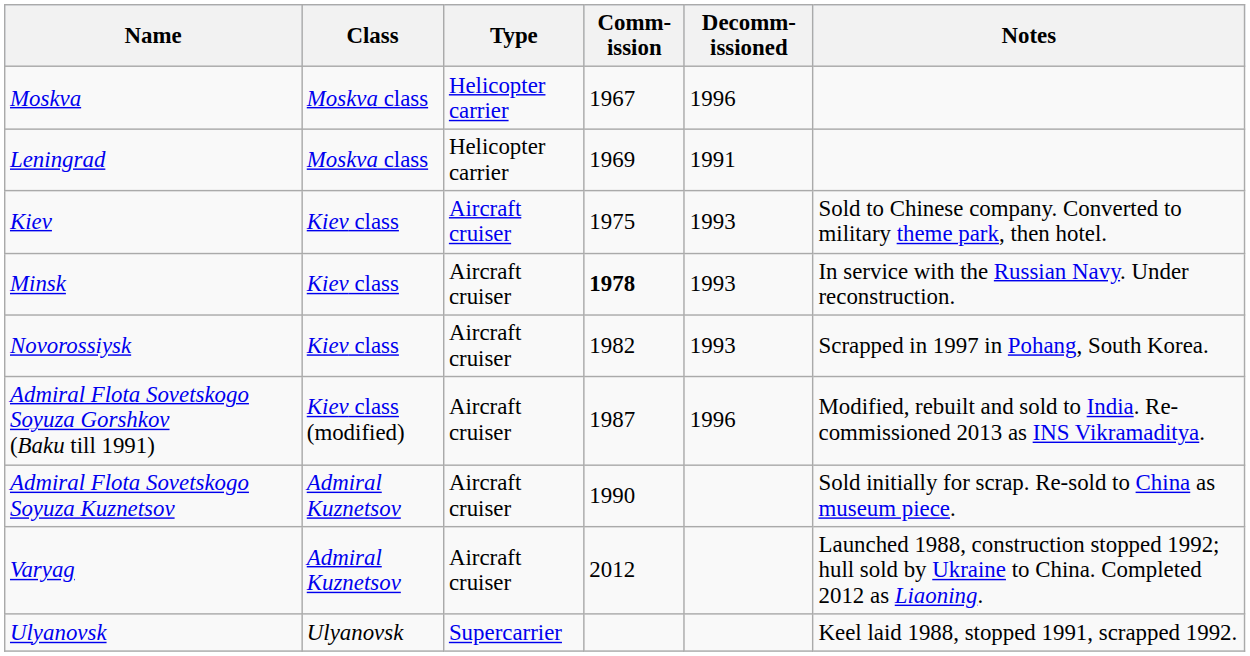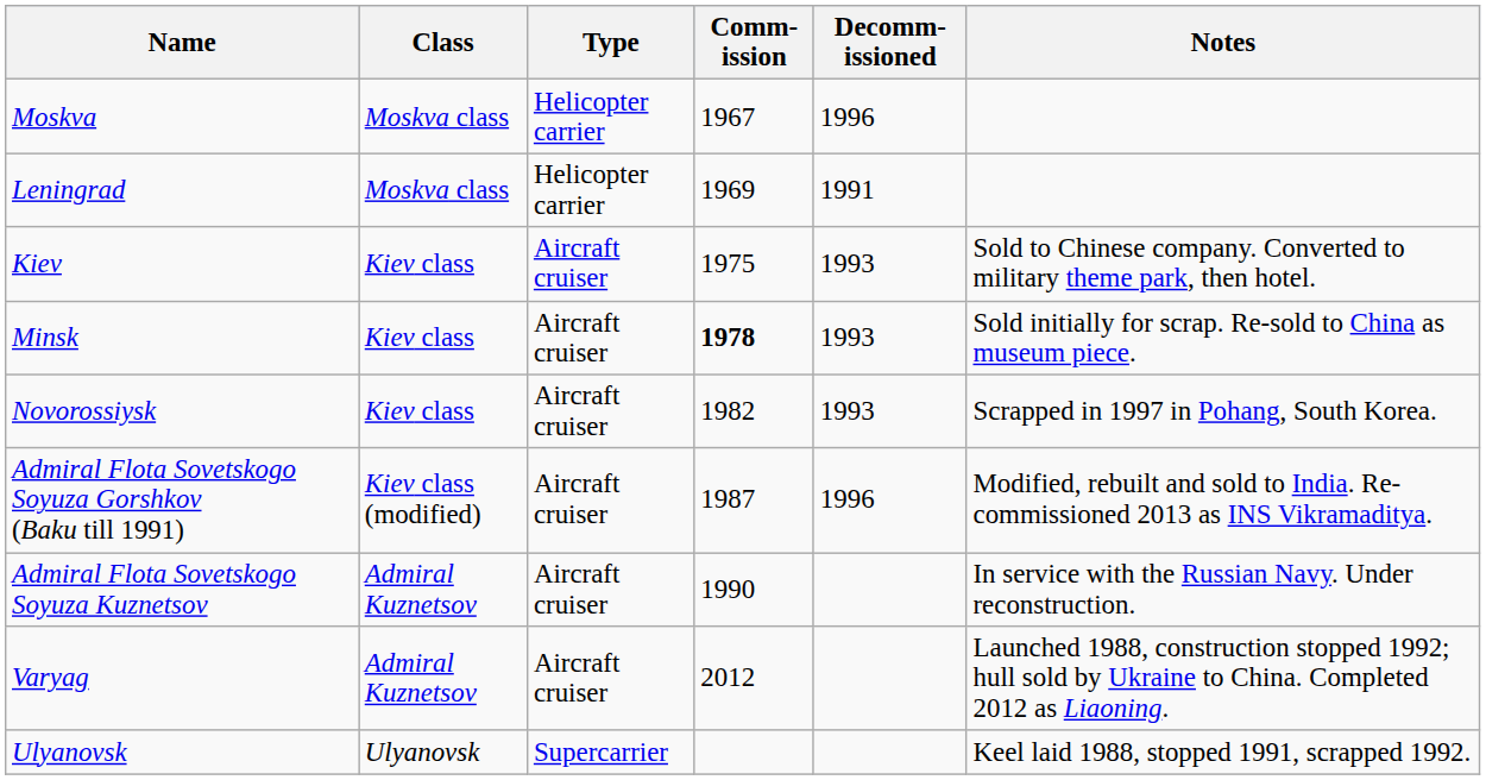 <table class="wikitable sortable">
 <tr style="background:#def">
 <th>Name</th>
 <th>Class</th>
 <th>Type</th>
 <th>Comm­ission</th>
 <th>Decomm­issioned</th>
 <th class="unsortable">Notes</th>
 </tr>
 <tr>
 <td><em><a href='#'>Moskva</a></em></td>
 <td class=nowrap><a href='#'><em>Moskva</em> class</a></td>
 <td class=nowrap><a href='#'>Helicopter carrier</a></td>
 <td>1967</td>
 <td>1996</td>
 </tr>
 <tr>
 <td><em><a href='#'>Leningrad</a></em></td>
 <td><a href='#'><em>Moskva</em> class</a></td>
 <td>Helicopter carrier</td>
 <td>1969</td>
 <td>1991</td>
 <td></td>
 </tr>
 <tr>
 <td><em><a href='#'>Kiev</a></em></td>
 <td><a href='#'><em>Kiev</em> class</a></td>
 <td><a href='#'>Aircraft cruiser</a></td>
 <td>1975</td>
 <td>1993</td>
 <td>Sold to Chinese company. Converted to military <a href='#'>theme park</a>, then hotel.</td>
 </tr>
 <tr>
 <td><em><a href='#'>Minsk</a></em></td>
 <td><a href='#'><em>Kiev</em> class</a></td>
 <td>Aircraft cruiser</td>
 <td><strong>1978</strong></td>
 <td>1993</td>
-<td>In service with the <a href='#'>Russian Navy</a>.  Under reconstruction.</td>
+<td>Sold initially for scrap. Re-sold to <a href='#'>China</a> as <a href='#'>museum piece</a>.</td>
 </tr>
 <tr>
 <td><em><a href='#'>Novorossiysk</a></em></td>
 <td><a href='#'><em>Kiev</em> class</a></td>
 <td>Aircraft cruiser</td>
 <td>1982</td>
 <td>1993</td>
 <td>Scrapped in 1997 in <a href='#'>Pohang</a>, South Korea.</td>
 </tr>
 <tr>
 <td><em><a href='#'>Admiral Flota Sovetskogo Soyuza Gorshkov</a></em> (<em>Baku</em> till 1991)</td>
 <td><a href='#'><em>Kiev</em> class</a> (modified)</td>
 <td>Aircraft cruiser</td>
 <td>1987</td>
 <td>1996</td>
 <td>Modified, rebuilt and sold to <a href='#'>India</a>. Re-commissioned 2013 as <a href='#'>INS Vikramaditya</a>.</td>
 </tr>
 <tr>
 <td><em><a href='#'>Admiral Flota Sovetskogo Soyuza Kuznetsov</a></em></td>
 <td><a href='#'><em>Admiral Kuznetsov</em></a></td>
 <td>Aircraft cruiser</td>
 <td>1990</td>
 <td></td>
-<td>Sold initially for scrap. Re-sold to <a href='#'>China</a> as <a href='#'>museum piece</a>.</td>
+<td>In service with the <a href='#'>Russian Navy</a>.  Under reconstruction.</td>
 </tr>
 <tr>
 <td><em><a href='#'>Varyag</a></em></td>
 <td><a href='#'><em>Admiral Kuznetsov</em></a></td>
 <td>Aircraft cruiser</td>
 <td>2012</td>
 <td></td>
 <td>Launched 1988, construction stopped 1992; hull sold by <a href='#'>Ukraine</a> to China. Completed 2012 as <em><a href='#'>Liaoning</a></em>.</td>
 </tr>
 <tr>
 <td><em><a href='#'>Ulyanovsk</a></em></td>
 <td><em>Ulyanovsk</em></td>
 <td><a href='#'>Supercarrier</a></td>
 <td></td>
 <td></td>
 <td>Keel laid 1988, stopped 1991, scrapped 1992.</td>
 </tr>
 </table>
